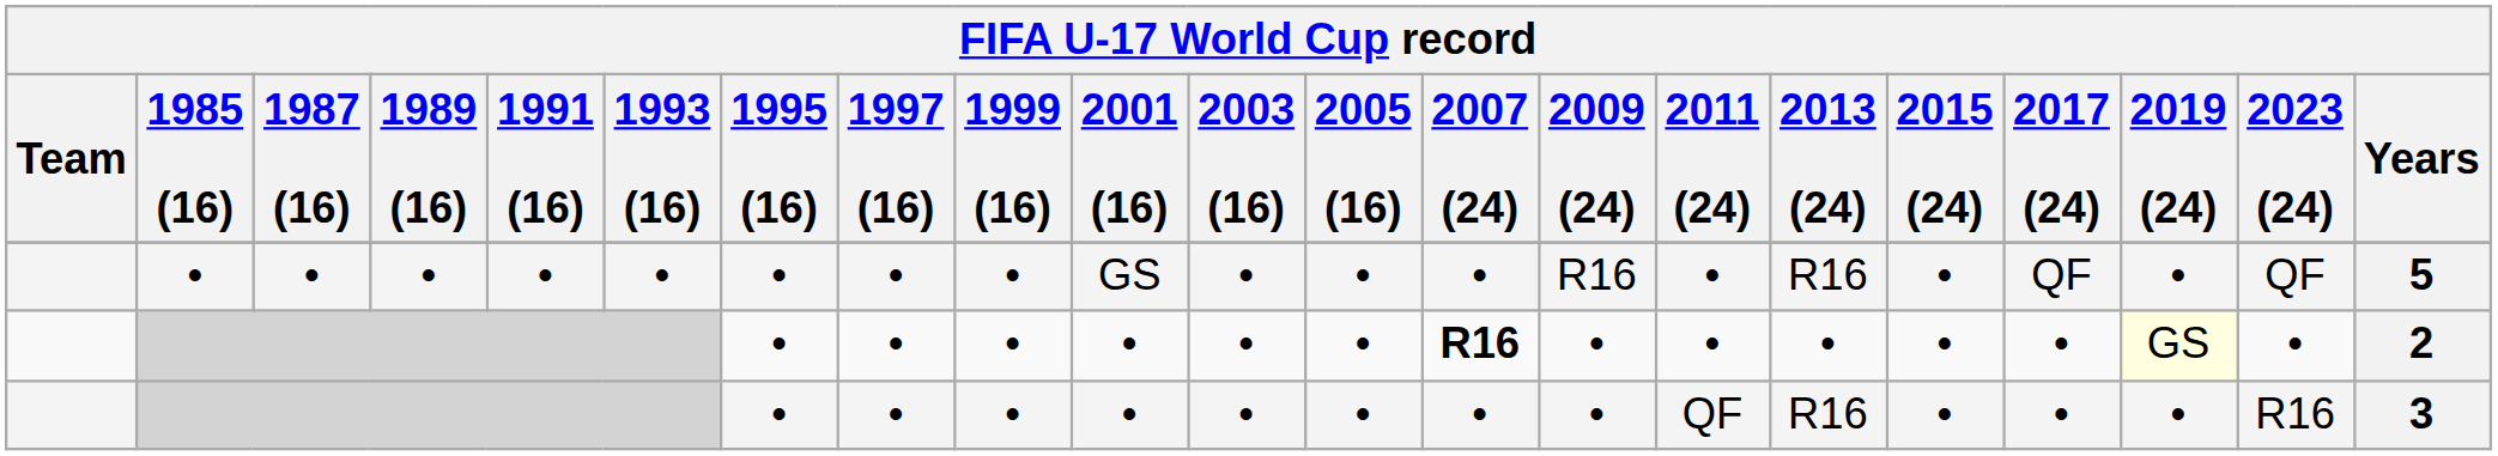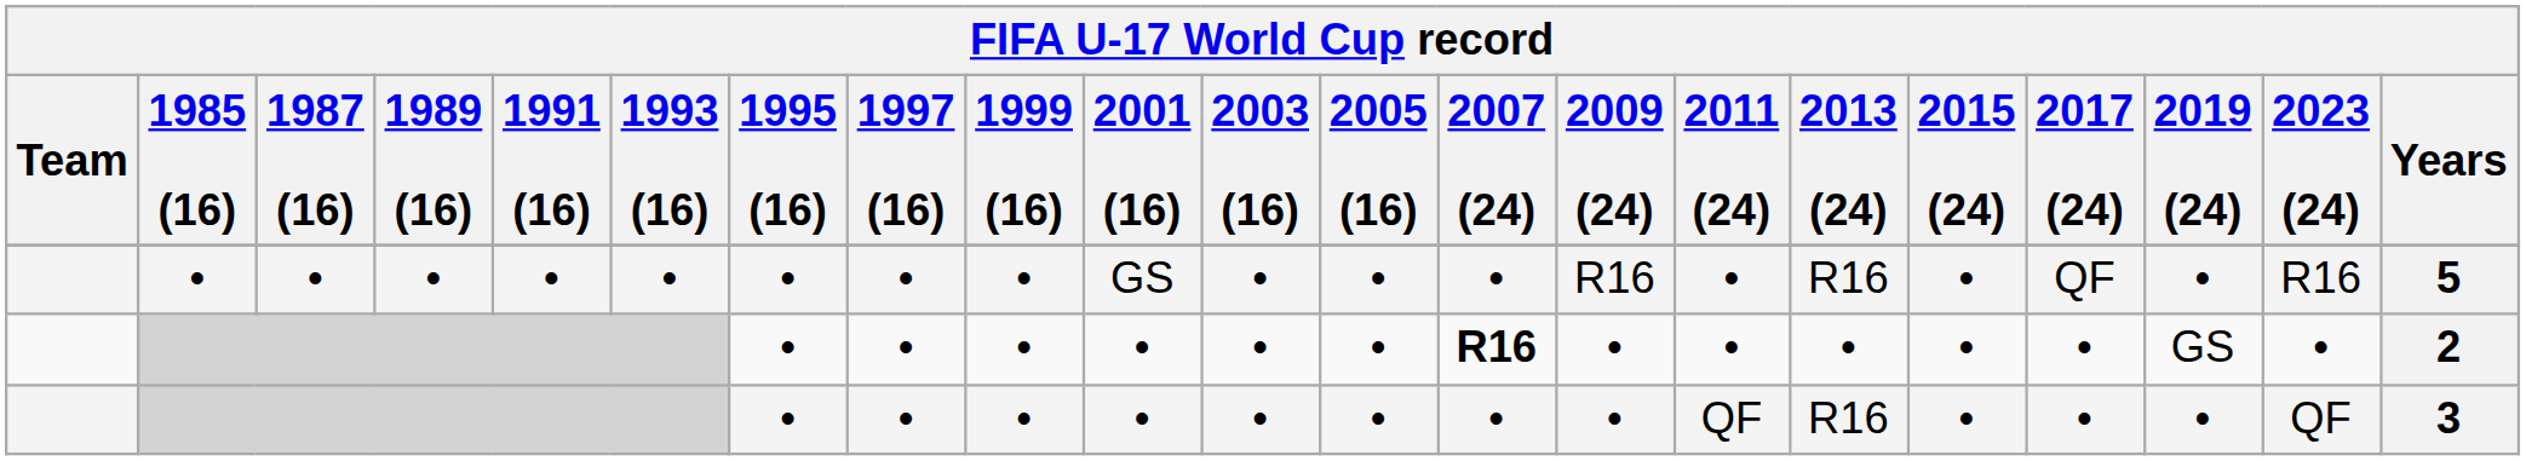 <table class="wikitable" style="text-align:center;">
 <tr style="background:#cccccc;" align=center>
 <th colspan=21><a href='#'>FIFA U-17 World Cup</a> record</th>
 </tr>
 <tr>
 <th>Team</th>
 <th><a href='#'>1985</a><br><br>(16)</th>
 <th><a href='#'>1987</a><br><br>(16)</th>
 <th><a href='#'>1989</a><br><br>(16)</th>
 <th><a href='#'>1991</a><br><br>(16)</th>
 <th><a href='#'>1993</a><br><br>(16)</th>
 <th><a href='#'>1995</a><br><br>(16)</th>
 <th><a href='#'>1997</a><br><br>(16)</th>
 <th><a href='#'>1999</a><br><br>(16)</th>
 <th><a href='#'>2001</a><br><br>(16)</th>
 <th><a href='#'>2003</a><br><br>(16)</th>
 <th><a href='#'>2005</a><br><br>(16)</th>
 <th><a href='#'>2007</a><br><br>(24)</th>
 <th><a href='#'>2009</a><br><br>(24)</th>
 <th><a href='#'>2011</a><br><br>(24)</th>
 <th><a href='#'>2013</a><br><br>(24)</th>
 <th><a href='#'>2015</a><br><br>(24)</th>
 <th><a href='#'>2017</a><br><br>(24)</th>
 <th><a href='#'>2019</a><br><br>(24)</th>
 <th><a href='#'>2023</a><br><br>(24)</th>
 <th>Years</th>
 </tr>
 <tr>
 </tr>
 <tr style="background:#f4f4f4;" align=center>
 <td align=left></td>
 <td>•</td>
 <td>•</td>
 <td>•</td>
 <td>•</td>
 <td>•</td>
 <td>•</td>
 <td>•</td>
 <td>•</td>
 <td>GS</td>
 <td>•</td>
 <td>•</td>
 <td>•</td>
 <td>R16</td>
 <td>•</td>
 <td>R16</td>
 <td>•</td>
 <td>QF</td>
 <td>•</td>
-<td>QF</td>
+<td>R16</td>
 <th>5</th>
 </tr>
 <tr align=center>
 <td align=left></td>
 <td bgcolor=lightgrey colspan=5></td>
 <td>•</td>
 <td>•</td>
 <td>•</td>
 <td>•</td>
 <td>•</td>
 <td>•</td>
 <td><strong>R16</strong></td>
 <td>•</td>
 <td>•</td>
 <td>•</td>
 <td>•</td>
 <td>•</td>
-<td style="background: lightyellow;">GS</td>
+<td>GS</td>
 <td>•</td>
 <th>2</th>
 </tr>
 <tr style="background:#f4f4f4;" align=center>
 <td align=left></td>
 <td bgcolor=lightgrey colspan=5></td>
 <td>•</td>
 <td>•</td>
 <td>•</td>
 <td>•</td>
 <td>•</td>
 <td>•</td>
 <td>•</td>
 <td>•</td>
 <td>QF</td>
 <td>R16</td>
 <td>•</td>
 <td>•</td>
 <td>•</td>
-<td>R16</td>
+<td>QF</td>
 <th>3</th>
 </tr>
 </table>
